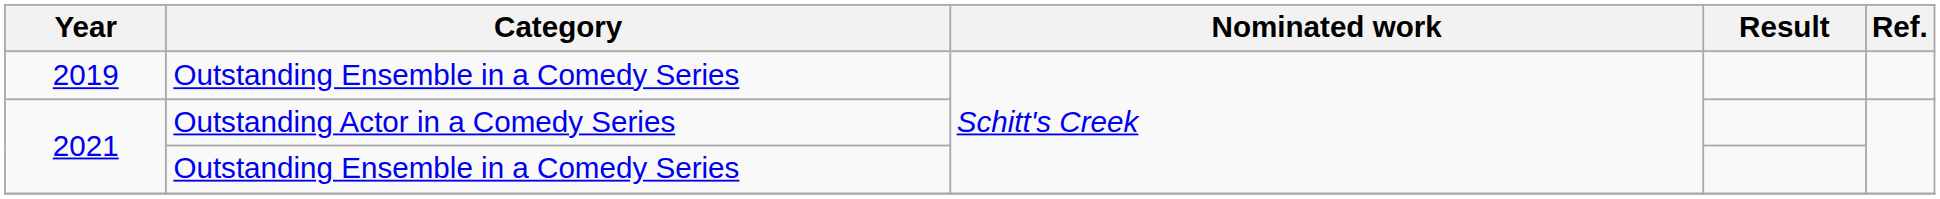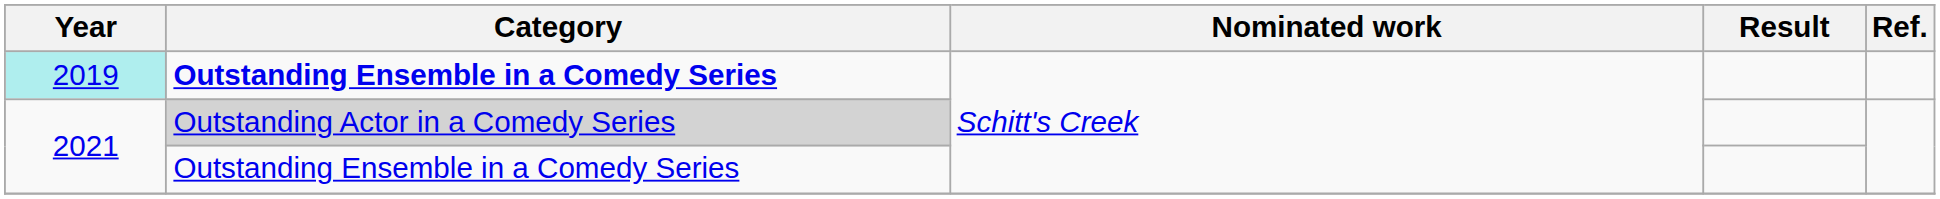 <table class=wikitable>
 <tr>
 <th scope="col" style="width:5em;">Year</th>
 <th scope="col" style="width:26em;">Category</th>
 <th scope="col" style="width:25em;">Nominated work</th>
 <th scope="col" style="width:5em;">Result</th>
 <th>Ref.</th>
 </tr>
 <tr>
-<td style="text-align:center;"><a href='#'>2019</a></td>
-<td><a href='#'>Outstanding Ensemble in a Comedy Series</a></td>
+<td style="background: paleturquoise; text-align:center;"><a href='#'>2019</a></td>
+<td><strong><a href='#'>Outstanding Ensemble in a Comedy Series</a></strong></td>
 <td rowspan=3><em><a href='#'>Schitt's Creek</a></em></td>
 <td></td>
 <td style="text-align:center;"></td>
 </tr>
 <tr>
 <td style="text-align:center;", rowspan="2"><a href='#'>2021</a></td>
-<td><a href='#'>Outstanding Actor in a Comedy Series</a></td>
+<td style="background: lightgrey;"><a href='#'>Outstanding Actor in a Comedy Series</a></td>
 <td></td>
 <td rowspan="2" style="text-align:center;"></td>
 </tr>
 <tr>
 <td><a href='#'>Outstanding Ensemble in a Comedy Series</a></td>
 <td></td>
 </tr>
 <tr>
 </tr>
 </table>
